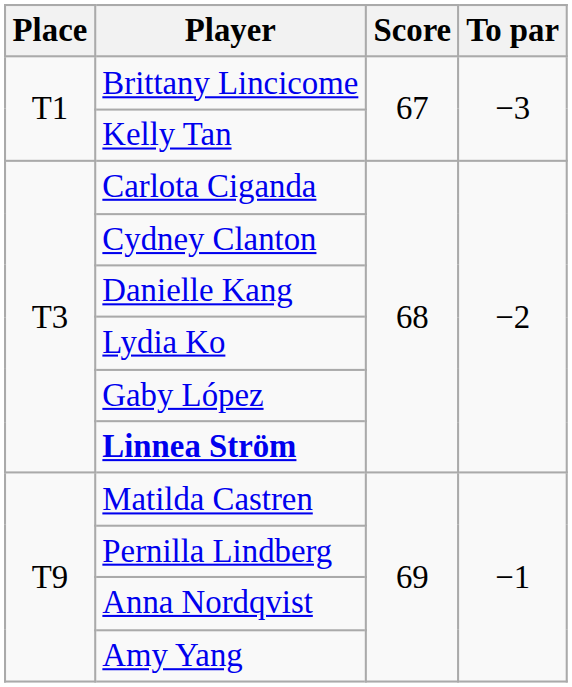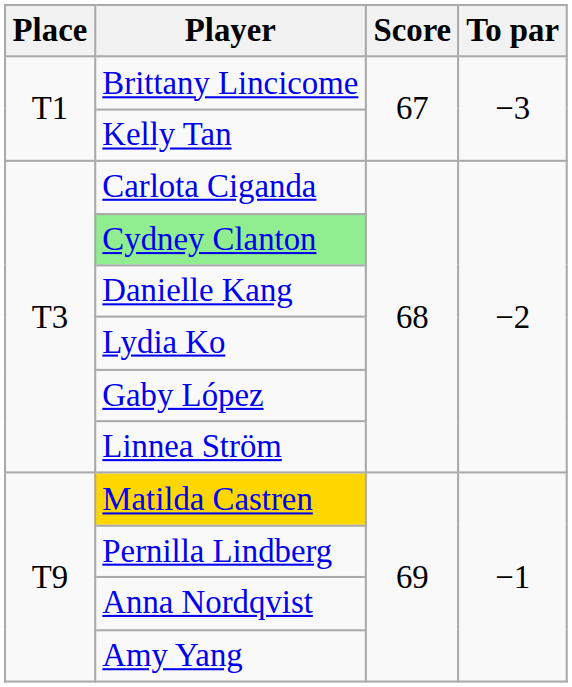 <table class="wikitable">
 <tr>
 <th>Place</th>
 <th>Player</th>
 <th>Score</th>
 <th>To par</th>
 </tr>
 <tr>
 <td rowspan=2 align=center>T1</td>
 <td> <a href='#'>Brittany Lincicome</a></td>
 <td rowspan=2 align=center>67</td>
 <td rowspan=2 align=center>−3</td>
 </tr>
 <tr>
 <td> <a href='#'>Kelly Tan</a></td>
 </tr>
 <tr>
 <td rowspan=6 align=center>T3</td>
 <td> <a href='#'>Carlota Ciganda</a></td>
 <td rowspan=6 align=center>68</td>
 <td rowspan=6 align=center>−2</td>
 </tr>
 <tr>
-<td> <a href='#'>Cydney Clanton</a></td>
+<td style="background: lightgreen;"> <a href='#'>Cydney Clanton</a></td>
 </tr>
 <tr>
 <td> <a href='#'>Danielle Kang</a></td>
 </tr>
 <tr>
 <td> <a href='#'>Lydia Ko</a></td>
 </tr>
 <tr>
 <td> <a href='#'>Gaby López</a></td>
 </tr>
 <tr>
-<td><strong> <a href='#'>Linnea Ström</a></strong></td>
+<td> <a href='#'>Linnea Ström</a></td>
 </tr>
 <tr>
 <td rowspan=4 align=center>T9</td>
-<td> <a href='#'>Matilda Castren</a></td>
+<td style="background: gold;"> <a href='#'>Matilda Castren</a></td>
 <td rowspan=4 align=center>69</td>
 <td rowspan=4 align=center>−1</td>
 </tr>
 <tr>
 <td> <a href='#'>Pernilla Lindberg</a></td>
 </tr>
 <tr>
 <td> <a href='#'>Anna Nordqvist</a></td>
 </tr>
 <tr>
 <td> <a href='#'>Amy Yang</a></td>
 </tr>
 </table>
